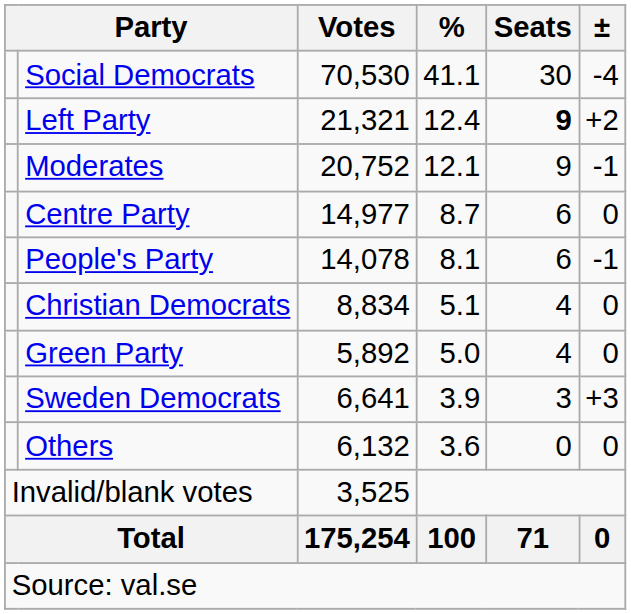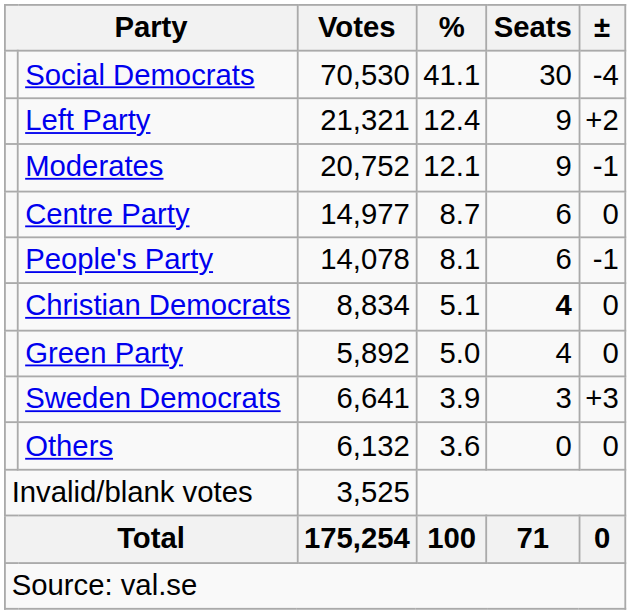 <table class=wikitable style=text-align:right>
 <tr>
 <th colspan=2>Party</th>
 <th>Votes</th>
 <th>%</th>
 <th>Seats</th>
 <th>±</th>
 </tr>
 <tr>
 <td bgcolor=></td>
 <td align=left><a href='#'>Social Democrats</a></td>
 <td>70,530</td>
 <td>41.1</td>
 <td>30</td>
 <td>-4</td>
 </tr>
 <tr>
 <td bgcolor=></td>
 <td align=left><a href='#'>Left Party</a></td>
 <td>21,321</td>
 <td>12.4</td>
-<td><strong>9</strong></td>
+<td>9</td>
 <td>+2</td>
 </tr>
 <tr>
 <td bgcolor=></td>
 <td align=left><a href='#'>Moderates</a></td>
 <td>20,752</td>
 <td>12.1</td>
 <td>9</td>
 <td>-1</td>
 </tr>
 <tr>
 <td bgcolor=></td>
 <td align=left><a href='#'>Centre Party</a></td>
 <td>14,977</td>
 <td>8.7</td>
 <td>6</td>
 <td>0</td>
 </tr>
 <tr>
 <td bgcolor=></td>
 <td align=left><a href='#'>People's Party</a></td>
 <td>14,078</td>
 <td>8.1</td>
 <td>6</td>
 <td>-1</td>
 </tr>
 <tr>
 <td bgcolor=></td>
 <td align=left><a href='#'>Christian Democrats</a></td>
 <td>8,834</td>
 <td>5.1</td>
-<td>4</td>
+<td><strong>4</strong></td>
 <td>0</td>
 </tr>
 <tr>
 <td bgcolor=></td>
 <td align=left><a href='#'>Green Party</a></td>
 <td>5,892</td>
 <td>5.0</td>
 <td>4</td>
 <td>0</td>
 </tr>
 <tr>
 <td bgcolor=></td>
 <td align=left><a href='#'>Sweden Democrats</a></td>
 <td>6,641</td>
 <td>3.9</td>
 <td>3</td>
 <td>+3</td>
 </tr>
 <tr>
 <td></td>
 <td align=left><a href='#'>Others</a></td>
 <td>6,132</td>
 <td>3.6</td>
 <td>0</td>
 <td>0</td>
 </tr>
 <tr>
 <td align=left colspan=2>Invalid/blank votes</td>
 <td>3,525</td>
 <td colspan=3></td>
 </tr>
 <tr>
 <th align=left colspan=2>Total</th>
 <th>175,254</th>
 <th>100</th>
 <th>71</th>
 <th>0</th>
 </tr>
 <tr>
 <td align=left colspan=6>Source: val.se </td>
 </tr>
 </table>
